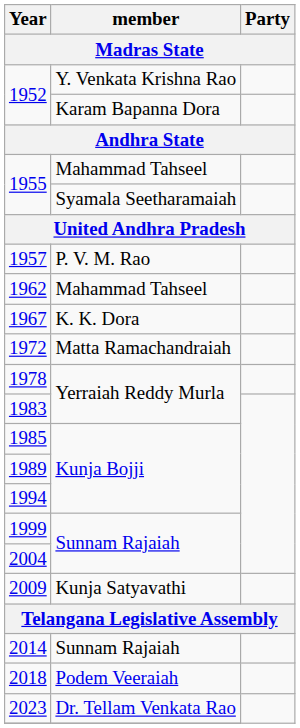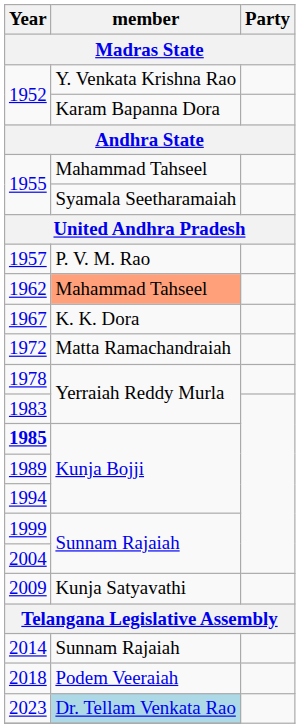 <table class="wikitable sortable">
 <tr>
 <th>Year</th>
 <th>member</th>
 <th colspan="2">Party</th>
 </tr>
 <tr>
 <th colspan=4><a href='#'>Madras State</a></th>
 </tr>
 <tr>
 <td rowspan="2"><a href='#'>1952</a></td>
 <td>Y. Venkata Krishna Rao</td>
 <td></td>
 </tr>
 <tr>
 <td>Karam Bapanna Dora</td>
 </tr>
 <tr>
 <th colspan=4><a href='#'>Andhra State</a></th>
 </tr>
 <tr>
 <td rowspan="2"><a href='#'>1955</a></td>
 <td>Mahammad Tahseel</td>
 <td></td>
 </tr>
 <tr>
 <td>Syamala Seetharamaiah</td>
 </tr>
 <tr>
 <th colspan=4><a href='#'>United Andhra Pradesh</a></th>
 </tr>
 <tr>
 <td><a href='#'>1957</a></td>
 <td>P. V. M. Rao</td>
 <td></td>
 </tr>
 <tr>
 <td><a href='#'>1962</a></td>
-<td>Mahammad Tahseel</td>
+<td style="background: lightsalmon;">Mahammad Tahseel</td>
 <td></td>
 </tr>
 <tr>
 <td><a href='#'>1967</a></td>
 <td>K. K. Dora</td>
 <td></td>
 </tr>
 <tr>
 <td><a href='#'>1972</a></td>
 <td>Matta Ramachandraiah</td>
 </tr>
 <tr>
 <td><a href='#'>1978</a></td>
 <td rowspan="2">Yerraiah Reddy Murla</td>
 <td></td>
 </tr>
 <tr>
 <td><a href='#'>1983</a></td>
 </tr>
 <tr>
-<td><a href='#'>1985</a></td>
+<td><strong><a href='#'>1985</a></strong></td>
 <td rowspan="3"><a href='#'>Kunja Bojji</a></td>
 </tr>
 <tr>
 <td><a href='#'>1989</a></td>
 </tr>
 <tr>
 <td><a href='#'>1994</a></td>
 </tr>
 <tr>
 <td><a href='#'>1999</a></td>
 <td rowspan="2"><a href='#'>Sunnam Rajaiah</a></td>
 </tr>
 <tr>
 <td><a href='#'>2004</a></td>
 </tr>
 <tr>
 <td><a href='#'>2009</a></td>
 <td>Kunja Satyavathi</td>
 <td></td>
 </tr>
 <tr>
 <th colspan=4><a href='#'>Telangana Legislative Assembly</a></th>
 </tr>
 <tr>
 <td><a href='#'>2014</a></td>
 <td>Sunnam Rajaiah</td>
 <td></td>
 </tr>
 <tr>
 <td><a href='#'>2018</a></td>
 <td><a href='#'>Podem Veeraiah</a></td>
 <td></td>
 </tr>
 <tr>
 <td><a href='#'>2023</a></td>
-<td><a href='#'>Dr. Tellam Venkata Rao</a></td>
+<td style="background: lightblue;"><a href='#'>Dr. Tellam Venkata Rao</a></td>
 </tr>
 <tr>
 </tr>
 </table>
